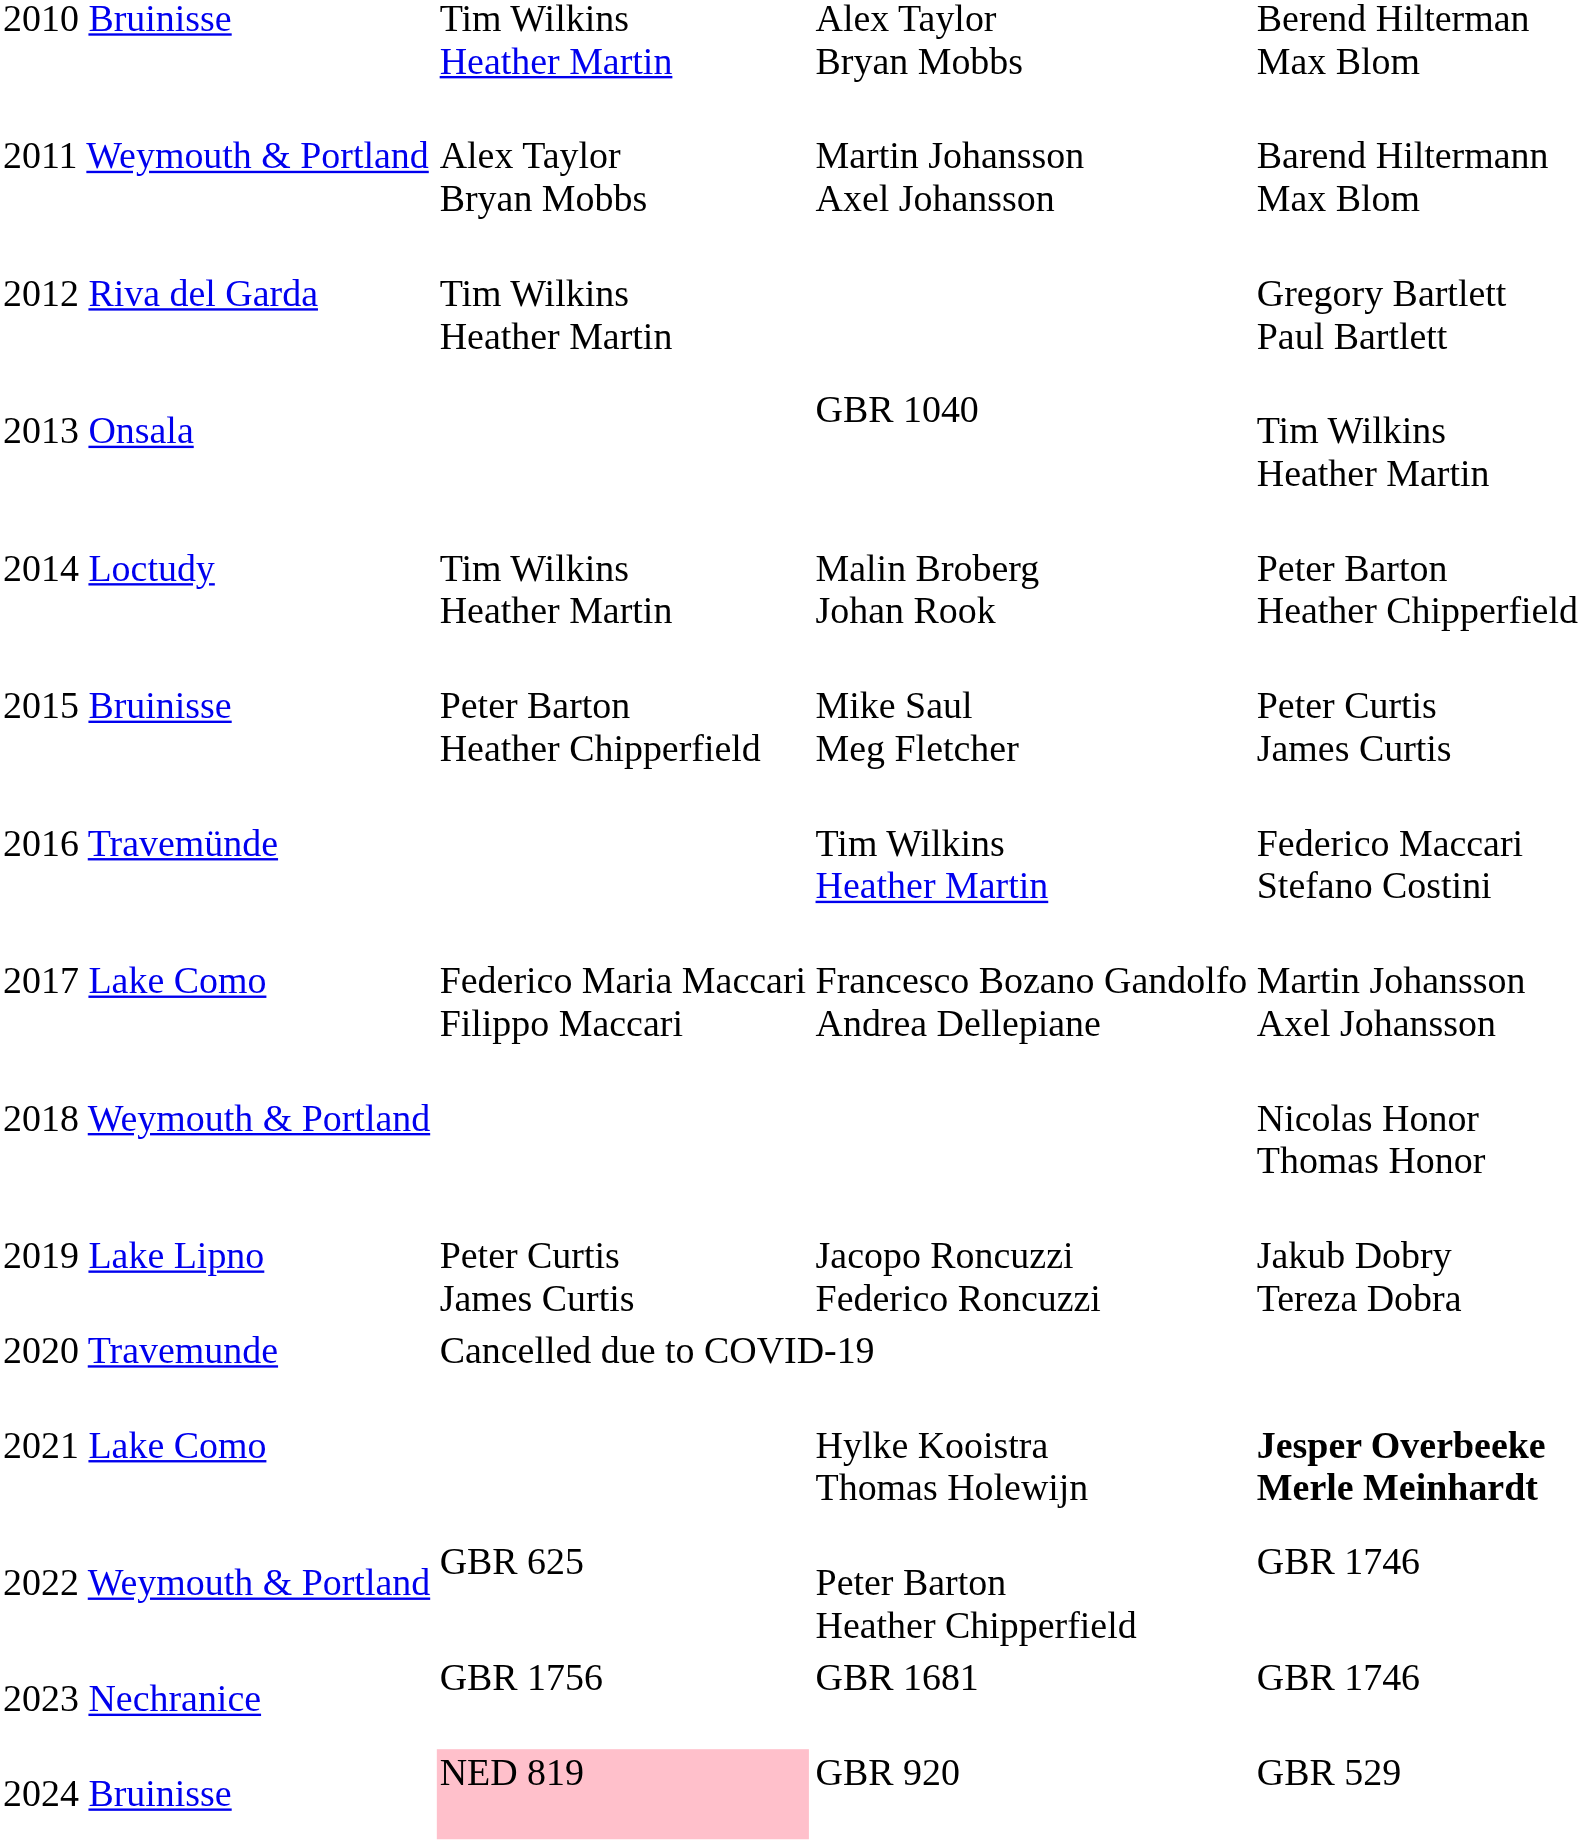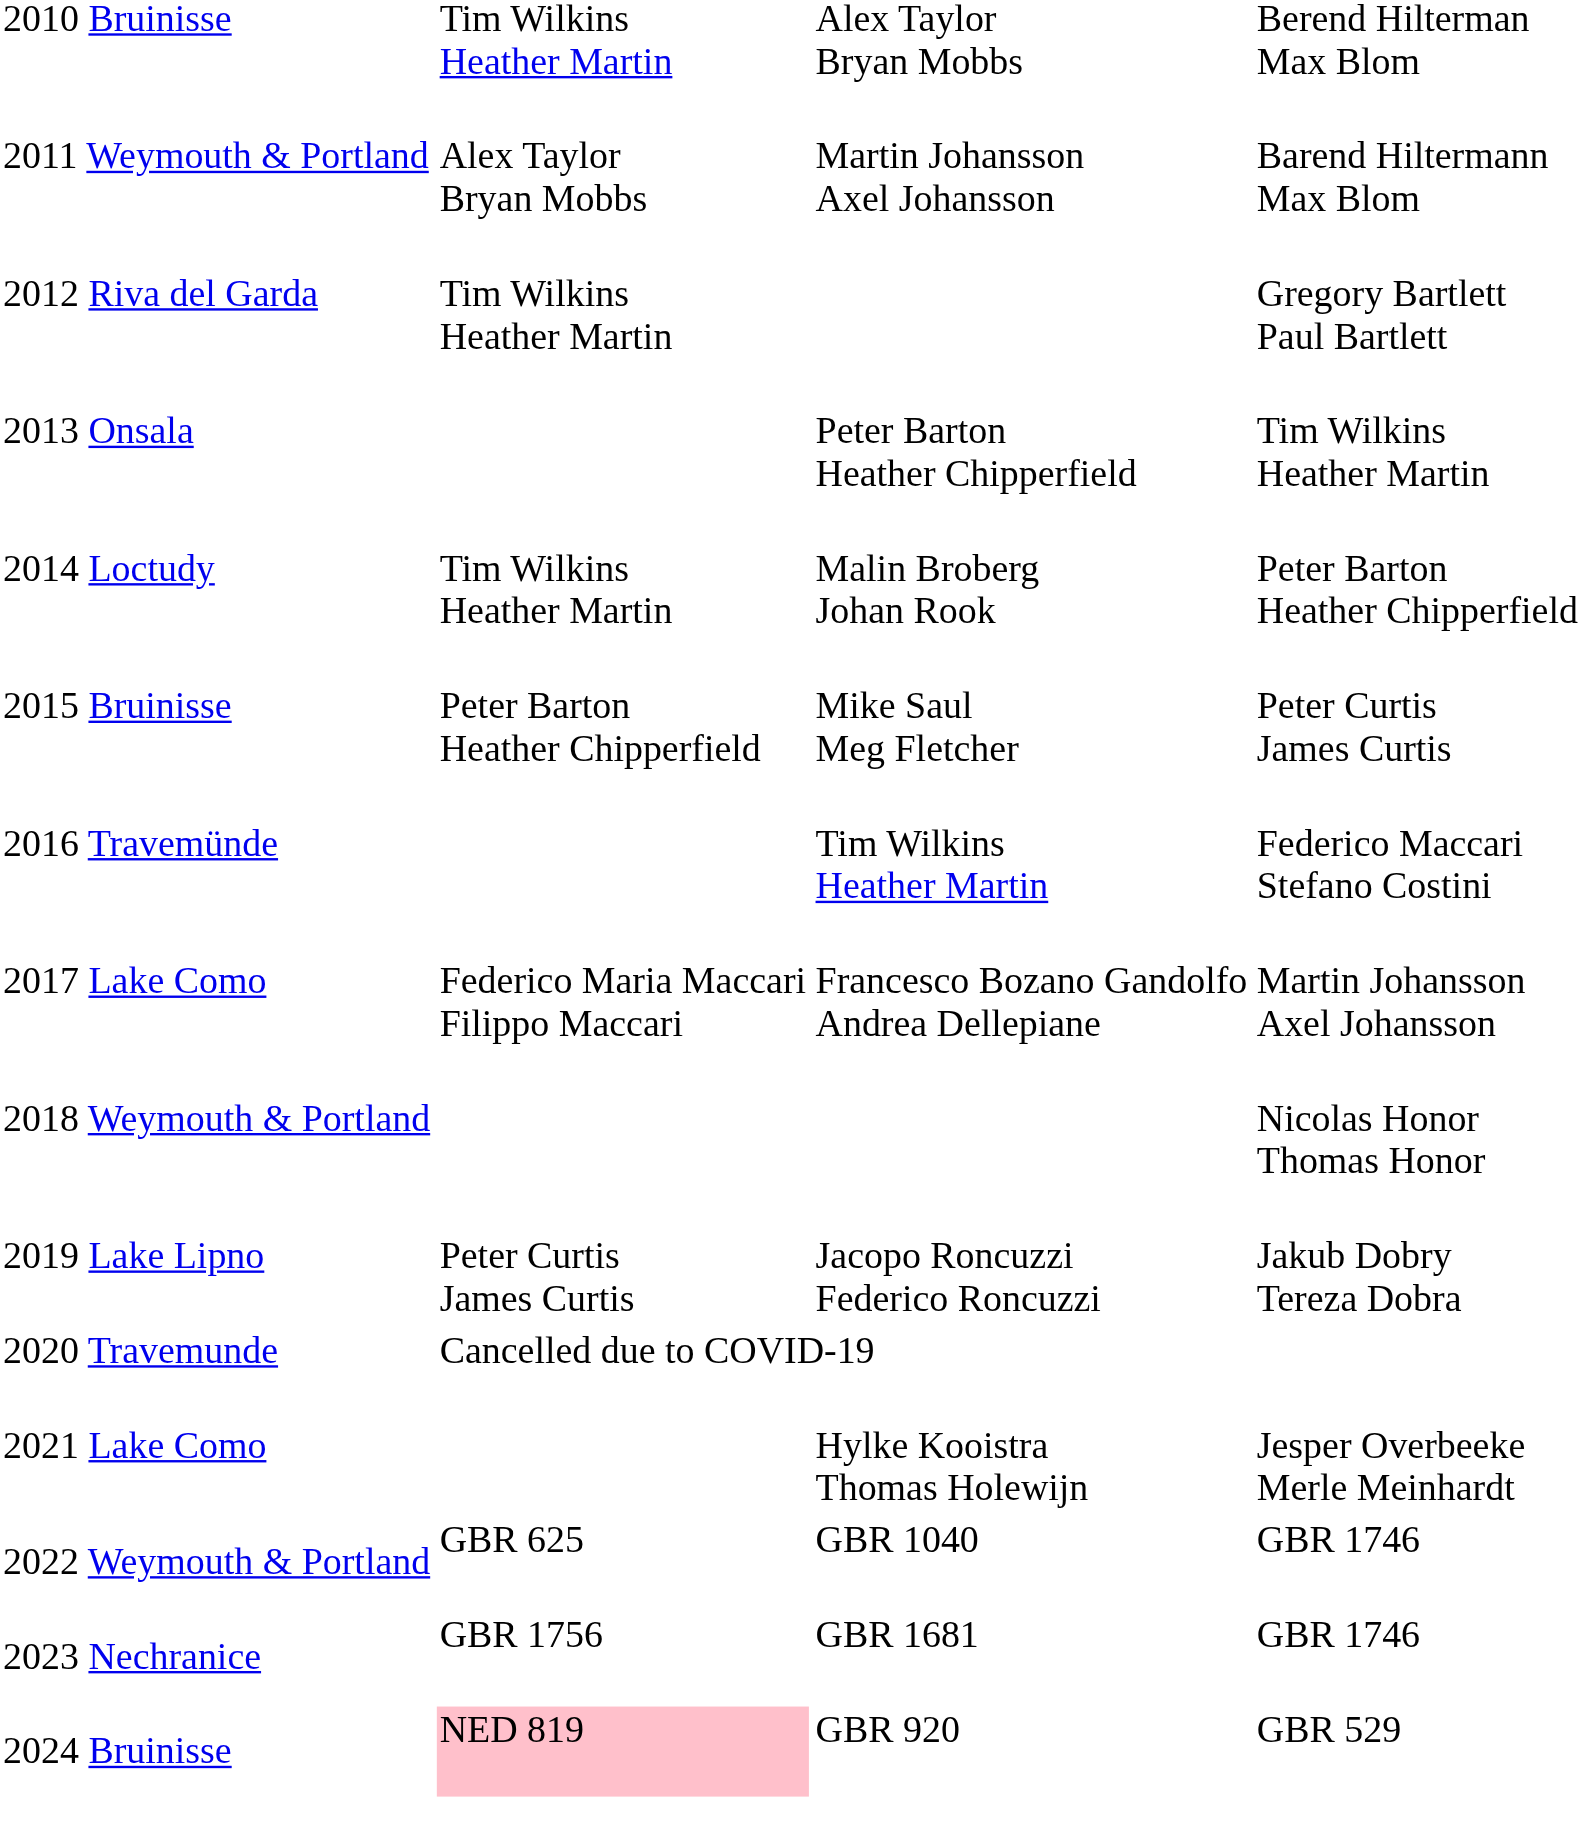 <table>
 <tr>
 <td nowrap>2010 <a href='#'>Bruinisse</a></td>
 <td><br>Tim Wilkins<br><a href='#'>Heather Martin</a></td>
 <td><br>Alex Taylor<br>Bryan Mobbs</td>
 <td><br>Berend Hilterman<br>Max Blom</td>
 <td></td>
 </tr>
 <tr>
 <td nowrap>2011 <a href='#'>Weymouth & Portland</a></td>
 <td><br>Alex Taylor<br>Bryan Mobbs</td>
 <td><br>Martin Johansson<br>Axel Johansson</td>
 <td><br>Barend Hiltermann<br>Max Blom</td>
 <td></td>
 </tr>
 <tr>
 <td nowrap>2012 <a href='#'>Riva del Garda</a></td>
 <td><br>Tim Wilkins<br>Heather Martin</td>
 <td><br></td>
 <td><br>Gregory Bartlett<br>Paul Bartlett</td>
 <td></td>
 </tr>
 <tr>
 <td nowrap>2013 <a href='#'>Onsala</a></td>
 <td><br></td>
-<td>GBR 1040<br><br></td>
+<td><br>Peter Barton<br>Heather Chipperfield</td>
 <td><br>Tim Wilkins<br>Heather Martin</td>
 <td></td>
 </tr>
 <tr>
 <td nowrap>2014 <a href='#'>Loctudy</a></td>
 <td><br>Tim Wilkins<br>Heather Martin</td>
 <td><br>Malin Broberg<br>Johan Rook</td>
 <td><br>Peter Barton<br>Heather Chipperfield</td>
 <td></td>
 </tr>
 <tr>
 <td nowrap>2015 <a href='#'>Bruinisse</a></td>
 <td><br>Peter Barton<br>Heather Chipperfield</td>
 <td><br>Mike Saul<br>Meg Fletcher</td>
 <td><br>Peter Curtis<br>James Curtis</td>
 <td></td>
 </tr>
 <tr>
 <td nowrap>2016 <a href='#'>Travemünde</a></td>
 <td><br></td>
 <td><br>Tim Wilkins<br><a href='#'>Heather Martin</a></td>
 <td><br>Federico Maccari<br>Stefano Costini</td>
 <td></td>
 </tr>
 <tr>
 <td nowrap>2017 <a href='#'>Lake Como</a></td>
 <td><br>Federico Maria Maccari<br>Filippo Maccari</td>
 <td><br>Francesco Bozano Gandolfo<br>Andrea Dellepiane</td>
 <td><br>Martin Johansson<br>Axel Johansson</td>
 <td></td>
 </tr>
 <tr>
 <td nowrap>2018 <a href='#'>Weymouth & Portland</a></td>
 <td><br></td>
 <td><br></td>
 <td><br>Nicolas Honor<br>Thomas Honor</td>
 <td></td>
 </tr>
 <tr>
 <td nowrap>2019 <a href='#'>Lake Lipno</a></td>
 <td><br>Peter Curtis<br>James Curtis</td>
 <td><br>Jacopo Roncuzzi<br>Federico Roncuzzi</td>
 <td><br>Jakub Dobry<br>Tereza Dobra</td>
 <td></td>
 </tr>
 <tr>
 <td nowrap>2020 <a href='#'>Travemunde</a></td>
 <td colspan=3>Cancelled due to COVID-19</td>
 <td></td>
 </tr>
 <tr>
 <td nowrap>2021 <a href='#'>Lake Como</a></td>
 <td><br></td>
 <td><br>Hylke Kooistra<br>Thomas Holewijn</td>
-<td><strong><br>Jesper Overbeeke<br>Merle Meinhardt</strong></td>
+<td><br>Jesper Overbeeke<br>Merle Meinhardt</td>
 <td></td>
 </tr>
 <tr>
 <td nowrap>2022 <a href='#'>Weymouth & Portland</a></td>
 <td>GBR 625<br><br></td>
-<td><br>Peter Barton<br>Heather Chipperfield</td>
+<td>GBR 1040<br><br></td>
 <td>GBR 1746<br><br></td>
 <td></td>
 </tr>
 <tr>
 <td nowrap>2023 <a href='#'>Nechranice</a></td>
 <td>GBR 1756<br><br></td>
 <td>GBR 1681<br><br></td>
 <td>GBR 1746<br><br></td>
 <td></td>
 </tr>
 <tr>
 <td nowrap>2024 <a href='#'>Bruinisse</a></td>
 <td style="background: pink;">NED 819<br><br></td>
 <td>GBR 920<br><br></td>
 <td>GBR 529<br><br></td>
 <td></td>
 </tr>
 </table>
